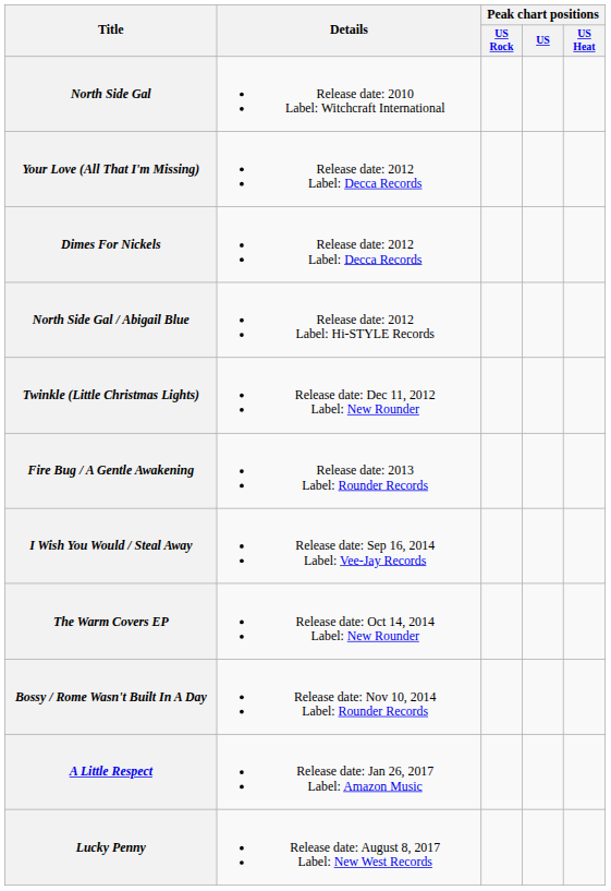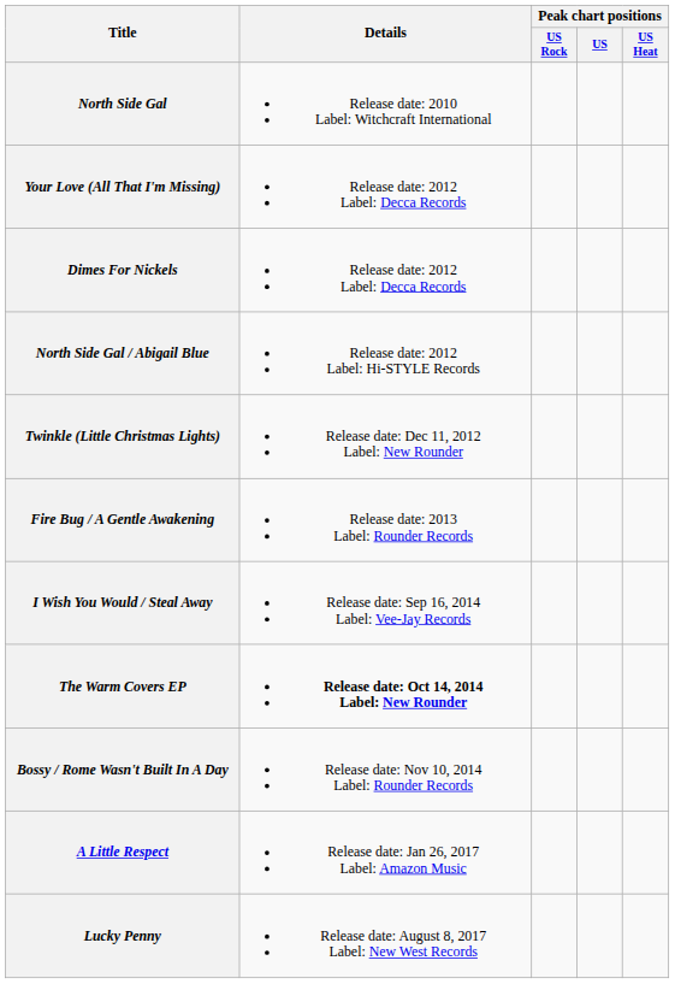 <table class="wikitable plainrowheaders" style="text-align:center;">
 <tr>
 <th rowspan="2" style="width:16em;">Title</th>
 <th rowspan="2" style="width:20em;">Details</th>
 <th colspan="3">Peak chart positions</th>
 </tr>
 <tr style="font-size:smaller;">
 <th style="width:45px;"><a href='#'>US<br>Rock</a><br></th>
 <th style="width:45px;"><a href='#'>US</a><br></th>
 <th style="width:45px;"><a href='#'>US<br>Heat</a><br></th>
 </tr>
 <tr>
 <th scope="row"><em>North Side Gal</em></th>
 <td><br><ul><li>Release date: 2010</li><li>Label: Witchcraft International</li></ul></td>
 <td></td>
 <td></td>
 <td></td>
 </tr>
 <tr>
 <th scope="row"><em>Your Love (All That I'm Missing) </em></th>
 <td><br><ul><li>Release date: 2012</li><li>Label: <a href='#'>Decca Records</a></li></ul></td>
 <td></td>
 <td></td>
 <td></td>
 </tr>
 <tr>
 <th scope="row"><em>Dimes For Nickels</em></th>
 <td><br><ul><li>Release date: 2012</li><li>Label: <a href='#'>Decca Records</a></li></ul></td>
 <td></td>
 <td></td>
 <td></td>
 </tr>
 <tr>
 <th scope="row"><em>North Side Gal / Abigail Blue</em></th>
 <td><br><ul><li>Release date: 2012</li><li>Label: Hi-STYLE Records</li></ul></td>
 <td></td>
 <td></td>
 <td></td>
 </tr>
 <tr>
 <th scope="row"><em>Twinkle (Little Christmas Lights)</em></th>
 <td><br><ul><li>Release date: Dec 11, 2012</li><li>Label: <a href='#'>New Rounder</a></li></ul></td>
 <td></td>
 <td></td>
 <td></td>
 </tr>
 <tr>
 <th scope="row"><em>Fire Bug / A Gentle Awakening</em></th>
 <td><br><ul><li>Release date: 2013</li><li>Label: <a href='#'>Rounder Records</a></li></ul></td>
 <td></td>
 <td></td>
 <td></td>
 </tr>
 <tr>
 <th scope="row"><em>I Wish You Would / Steal Away</em></th>
 <td><br><ul><li>Release date: Sep 16, 2014</li><li>Label: <a href='#'>Vee-Jay Records</a></li></ul></td>
 <td></td>
 <td></td>
 <td></td>
 </tr>
 <tr>
 <th scope="row"><em>The Warm Covers EP</em></th>
-<td><br><ul><li>Release date: Oct 14, 2014</li><li>Label: <a href='#'>New Rounder</a></li></ul></td>
+<td><strong><br><ul><li>Release date: Oct 14, 2014</li><li>Label: <a href='#'>New Rounder</a></li></ul></strong></td>
 <td></td>
 <td></td>
 <td></td>
 </tr>
 <tr>
 <th scope="row"><em>Bossy / Rome Wasn't Built In A Day</em></th>
 <td><br><ul><li>Release date: Nov 10, 2014</li><li>Label: <a href='#'>Rounder Records</a></li></ul></td>
 <td></td>
 <td></td>
 <td></td>
 </tr>
 <tr>
 <th scope="row"><em><a href='#'>A Little Respect</a></em></th>
 <td><br><ul><li>Release date: Jan 26, 2017</li><li>Label: <a href='#'>Amazon Music</a></li></ul></td>
 <td></td>
 <td></td>
 <td></td>
 </tr>
 <tr>
 <th scope="row"><em>Lucky Penny</em></th>
 <td><br><ul><li>Release date: August 8, 2017</li><li>Label: <a href='#'>New West Records</a></li></ul></td>
 <td></td>
 <td></td>
 <td></td>
 </tr>
 </table>
